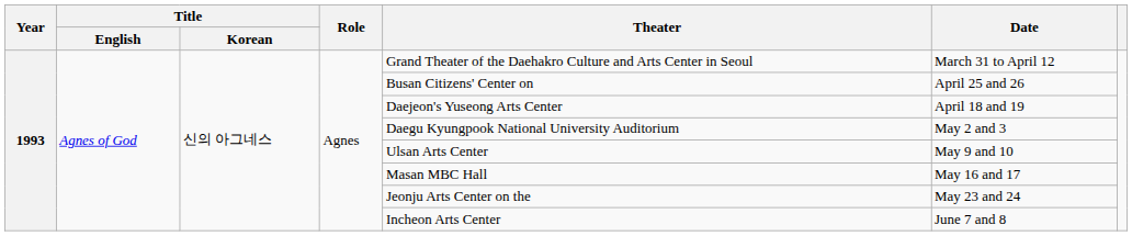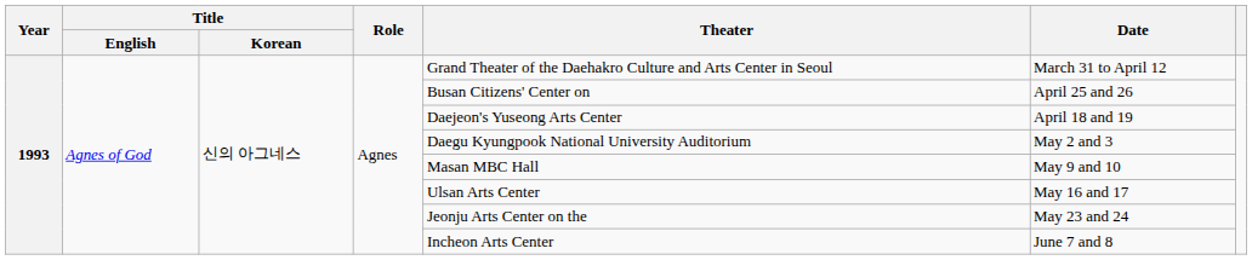 <table class="wikitable plainrowheaders" style="clear:none; font-size:100%; padding:0 auto; width:100%; margin:auto">
 <tr>
 <th rowspan="2" scope="col">Year</th>
 <th colspan="2" scope="col">Title</th>
 <th rowspan="2" scope="col">Role</th>
 <th rowspan="2" scope="col">Theater</th>
 <th rowspan="2" scope="col">Date</th>
 <th rowspan="2" scope="col" class="unsortable"></th>
 </tr>
 <tr>
 <th>English</th>
 <th>Korean</th>
 </tr>
 <tr>
 <th rowspan="8" scope="row">1993</th>
 <td rowspan="8"><em><a href='#'>Agnes of God</a></em></td>
 <td rowspan="8">신의 아그네스</td>
 <td rowspan="8">Agnes</td>
 <td>Grand Theater of the Daehakro Culture and Arts Center in Seoul</td>
 <td>March 31 to April 12</td>
 <td rowspan="8"></td>
 </tr>
 <tr>
 <td>Busan Citizens' Center on</td>
 <td>April 25 and 26</td>
 </tr>
 <tr>
 <td>Daejeon's Yuseong Arts Center</td>
 <td>April 18 and 19</td>
 </tr>
 <tr>
 <td>Daegu Kyungpook National University Auditorium</td>
 <td>May 2 and 3</td>
 </tr>
 <tr>
-<td>Ulsan Arts Center</td>
+<td>Masan MBC Hall</td>
 <td>May 9 and 10</td>
 </tr>
 <tr>
-<td>Masan MBC Hall</td>
+<td>Ulsan Arts Center</td>
 <td>May 16 and 17</td>
 </tr>
 <tr>
 <td>Jeonju Arts Center on the</td>
 <td>May 23 and 24</td>
 </tr>
 <tr>
 <td>Incheon Arts Center</td>
 <td>June 7 and 8</td>
 </tr>
 </table>
